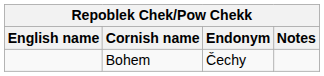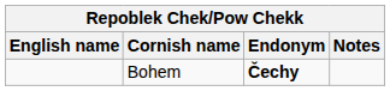 <table class="wikitable sortable">
 <tr>
 <th colspan="24"> Repoblek Chek/Pow Chekk</th>
 </tr>
 <tr>
 <th>English name</th>
 <th>Cornish name</th>
 <th>Endonym</th>
 <th>Notes</th>
 </tr>
 <tr>
 <td></td>
 <td>Bohem</td>
-<td>Čechy</td>
+<td><strong>Čechy</strong></td>
 <td></td>
 </tr>
 </table>
